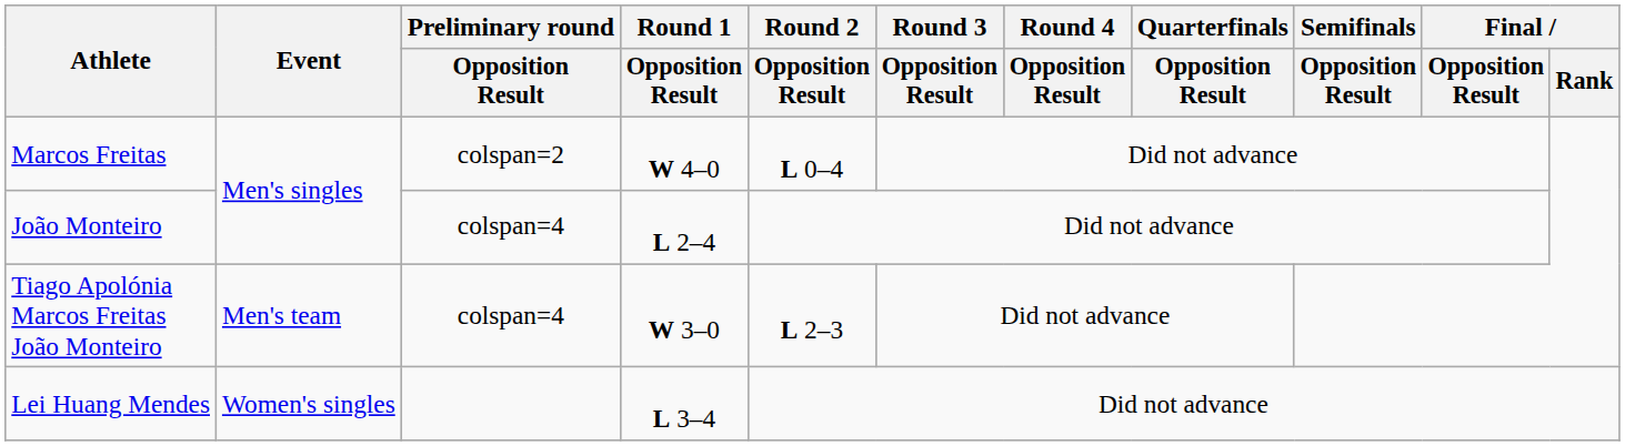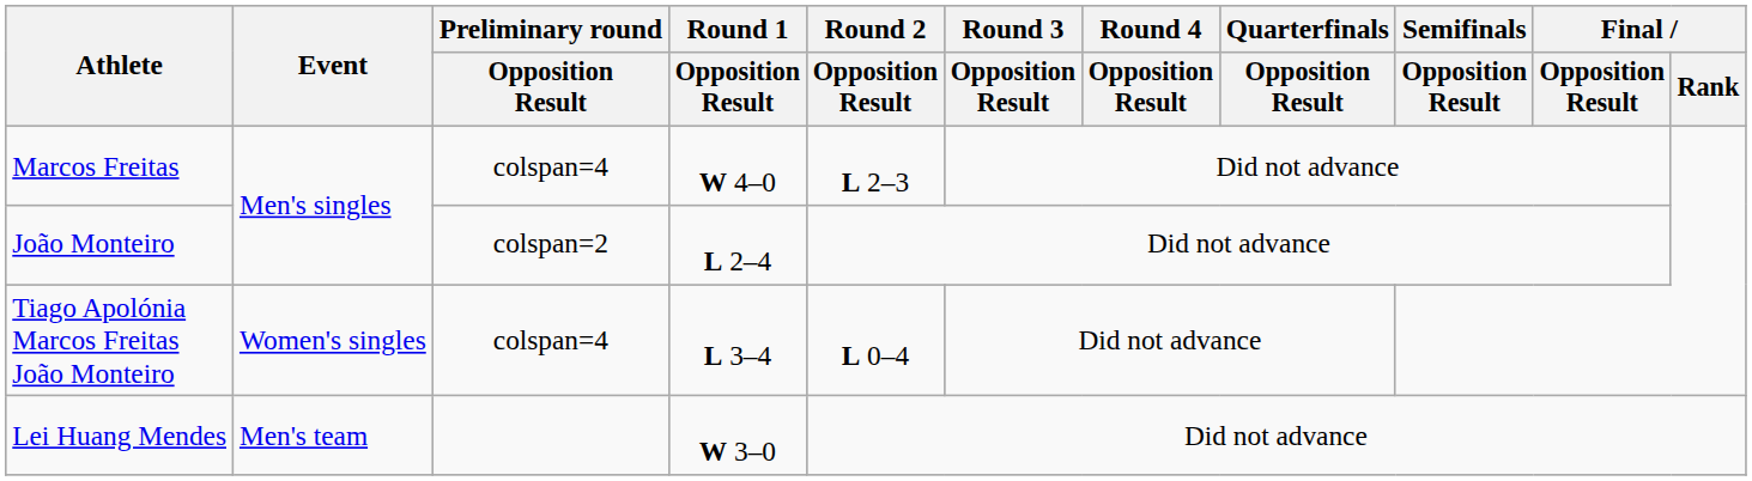 <table class="wikitable" style="font-size:90%">
 <tr>
 <th rowspan="2">Athlete</th>
 <th rowspan="2">Event</th>
 <th>Preliminary round</th>
 <th>Round 1</th>
 <th>Round 2</th>
 <th>Round 3</th>
 <th>Round 4</th>
 <th>Quarterfinals</th>
 <th>Semifinals</th>
 <th colspan=2>Final / </th>
 </tr>
 <tr style="font-size:95%">
 <th>Opposition<br>Result</th>
 <th>Opposition<br>Result</th>
 <th>Opposition<br>Result</th>
 <th>Opposition<br>Result</th>
 <th>Opposition<br>Result</th>
 <th>Opposition<br>Result</th>
 <th>Opposition<br>Result</th>
 <th>Opposition<br>Result</th>
 <th>Rank</th>
 </tr>
 <tr align=center>
 <td align=left><a href='#'>Marcos Freitas</a></td>
 <td align=left rowspan=2><a href='#'>Men's singles</a></td>
-<td>colspan=2 </td>
+<td>colspan=4 </td>
 <td><br><strong>W</strong> 4–0</td>
-<td><br><strong>L</strong> 0–4</td>
+<td><br><strong>L</strong> 2–3</td>
 <td colspan=5>Did not advance</td>
 </tr>
 <tr align=center>
 <td align=left><a href='#'>João Monteiro</a></td>
-<td>colspan=4 </td>
+<td>colspan=2 </td>
 <td><br><strong>L</strong> 2–4</td>
 <td colspan=6>Did not advance</td>
 </tr>
 <tr align=center>
 <td align=left><a href='#'>Tiago Apolónia</a><br><a href='#'>Marcos Freitas</a><br><a href='#'>João Monteiro</a></td>
-<td align=left><a href='#'>Men's team</a></td>
+<td align=left><a href='#'>Women's singles</a></td>
 <td>colspan=4 </td>
-<td><br><strong>W</strong> 3–0</td>
-<td><br><strong>L</strong> 2–3</td>
+<td><br><strong>L</strong> 3–4</td>
+<td><br><strong>L</strong> 0–4</td>
 <td colspan=3>Did not advance</td>
 </tr>
 <tr align=center>
 <td align=left><a href='#'>Lei Huang Mendes</a></td>
-<td align=left><a href='#'>Women's singles</a></td>
+<td align=left><a href='#'>Men's team</a></td>
 <td></td>
-<td><br><strong>L</strong> 3–4</td>
+<td><br><strong>W</strong> 3–0</td>
 <td colspan=7>Did not advance</td>
 </tr>
 </table>
